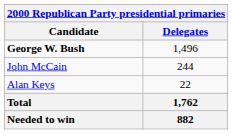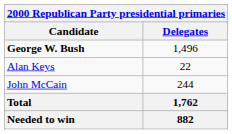 <table class=wikitable>
 <tr style="background:lightgrey;">
 <th colspan="2"><a href='#'>2000 Republican Party presidential primaries</a></th>
 </tr>
 <tr style="background:lightgrey;">
 <th>Candidate</th>
 <th><a href='#'>Delegates</a></th>
 </tr>
 <tr>
 <td><strong>George W. Bush</strong></td>
 <td style="text-align:center;">1,496</td>
 </tr>
 <tr>
+<td><a href='#'>Alan Keys</a></td>
+<td style="text-align:center;">22</td>
+</tr>
+<tr>
 <td><a href='#'>John McCain</a></td>
 <td style="text-align:center;">244</td>
-</tr>
-<tr>
-<td><a href='#'>Alan Keys</a></td>
-<td style="text-align:center;">22</td>
 </tr>
 <tr>
 <th style="text-align:left;">Total</th>
 <th style="text-align:center;">1,762</th>
 </tr>
 <tr>
 <th style="text-align:left;">Needed to win</th>
 <th style="text-align:center;">882</th>
 </tr>
 </table>
